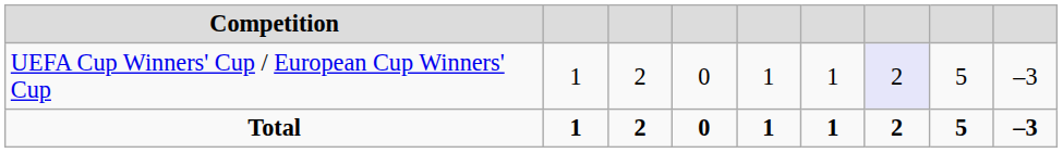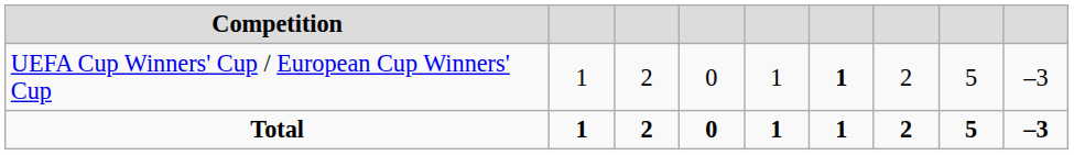 <table class="wikitable" style="text-align: center;">
 <tr>
 <th width="348" style="background:#DCDCDC">Competition</th>
 <th width="35" style="background:#DCDCDC"></th>
 <th width="35" style="background:#DCDCDC"></th>
 <th width="35" style="background:#DCDCDC"></th>
 <th width="35" style="background:#DCDCDC"></th>
 <th width="35" style="background:#DCDCDC"></th>
 <th width="35" style="background:#DCDCDC"></th>
 <th width="35" style="background:#DCDCDC"></th>
 <th width="35" style="background:#DCDCDC"></th>
 </tr>
 <tr>
 <td align=left><a href='#'>UEFA Cup Winners' Cup</a> / <a href='#'>European Cup Winners' Cup</a></td>
 <td>1</td>
 <td>2</td>
 <td>0</td>
 <td>1</td>
-<td>1</td>
-<td style="background: lavender;">2</td>
+<td><strong>1</strong></td>
+<td>2</td>
 <td>5</td>
 <td>–3</td>
 </tr>
 <tr>
 <td><strong>Total</strong></td>
 <td><strong>1</strong></td>
 <td><strong>2</strong></td>
 <td><strong>0</strong></td>
 <td><strong>1</strong></td>
 <td><strong>1</strong></td>
 <td><strong>2</strong></td>
 <td><strong>5</strong></td>
 <td><strong>–3</strong></td>
 </tr>
 </table>
